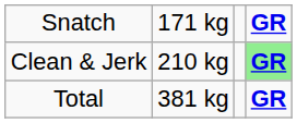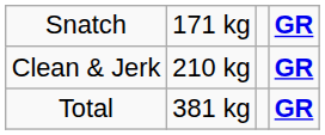 <table class="wikitable" style="text-align:center;">
 <tr>
 <td>Snatch</td>
 <td>171 kg</td>
 <td align="left"></td>
 <td><strong><a href='#'>GR</a></strong></td>
 </tr>
 <tr>
 <td>Clean & Jerk</td>
 <td>210 kg</td>
 <td></td>
-<td style="background: lightgreen;"><strong><a href='#'>GR</a></strong></td>
+<td><strong><a href='#'>GR</a></strong></td>
 </tr>
 <tr>
 <td>Total</td>
 <td>381 kg</td>
 <td align="left"></td>
 <td><strong><a href='#'>GR</a></strong></td>
 </tr>
 </table>
